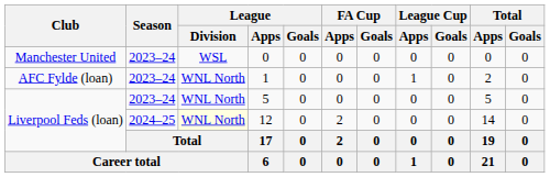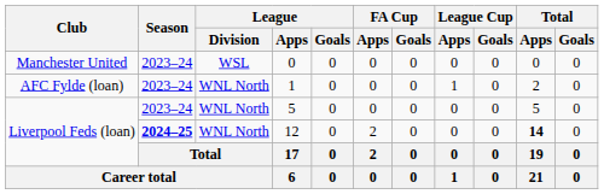 <table class="wikitable" style="text-align:center">
 <tr>
 <th rowspan="2">Club</th>
 <th rowspan="2">Season</th>
 <th colspan="3">League</th>
 <th colspan="2">FA Cup</th>
 <th colspan="2">League Cup</th>
 <th colspan="2">Total</th>
 </tr>
 <tr>
 <th>Division</th>
 <th>Apps</th>
 <th>Goals</th>
 <th>Apps</th>
 <th>Goals</th>
 <th>Apps</th>
 <th>Goals</th>
 <th>Apps</th>
 <th>Goals</th>
 </tr>
 <tr>
 <td><a href='#'>Manchester United</a></td>
 <td><a href='#'>2023–24</a></td>
 <td><a href='#'>WSL</a></td>
 <td>0</td>
 <td>0</td>
 <td>0</td>
 <td>0</td>
 <td>0</td>
 <td>0</td>
 <td>0</td>
 <td>0</td>
 </tr>
 <tr>
 <td><a href='#'>AFC Fylde</a> (loan)</td>
 <td><a href='#'>2023–24</a></td>
 <td><a href='#'>WNL North</a></td>
 <td>1</td>
 <td>0</td>
 <td>0</td>
 <td>0</td>
 <td>1</td>
 <td>0</td>
 <td>2</td>
 <td>0</td>
 </tr>
 <tr>
 <td rowspan="3"><a href='#'>Liverpool Feds</a> (loan)</td>
 <td><a href='#'>2023–24</a></td>
 <td><a href='#'>WNL North</a></td>
 <td>5</td>
 <td>0</td>
 <td>0</td>
 <td>0</td>
 <td>0</td>
 <td>0</td>
 <td>5</td>
 <td>0</td>
 </tr>
 <tr>
-<td><a href='#'>2024–25</a></td>
-<td style="background: lightyellow;"><a href='#'>WNL North</a></td>
+<td><strong><a href='#'>2024–25</a></strong></td>
+<td><a href='#'>WNL North</a></td>
 <td>12</td>
 <td>0</td>
 <td>2</td>
 <td>0</td>
 <td>0</td>
 <td>0</td>
-<td>14</td>
+<td><strong>14</strong></td>
 <td>0</td>
 </tr>
 <tr>
 <th colspan="2">Total</th>
 <th>17</th>
 <th>0</th>
 <th>2</th>
 <th>0</th>
 <th>0</th>
 <th>0</th>
 <th>19</th>
 <th>0</th>
 </tr>
 <tr>
 <th colspan="3">Career total</th>
 <th>6</th>
 <th>0</th>
 <th>0</th>
 <th>0</th>
 <th>1</th>
 <th>0</th>
 <th>21</th>
 <th>0</th>
 </tr>
 </table>
